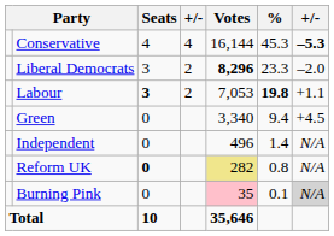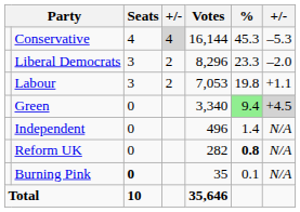 <table class="wikitable sortable">
 <tr>
 <th colspan="2">Party</th>
 <th>Seats</th>
 <th>+/-</th>
 <th>Votes</th>
 <th>%</th>
 <th>+/-</th>
 </tr>
 <tr>
 <td style="background-color: "></td>
 <td><a href='#'>Conservative</a></td>
 <td>4</td>
-<td> 4</td>
+<td style="background: lightgrey;"> 4</td>
 <td style="text-align:right;">16,144</td>
 <td style="text-align:right;">45.3</td>
-<td style="text-align:right;"><strong>–5.3</strong></td>
+<td style="text-align:right;">–5.3</td>
 </tr>
 <tr>
 <td style="background-color: "></td>
 <td><a href='#'>Liberal Democrats</a></td>
 <td>3</td>
 <td> 2</td>
-<td style="text-align:right;"><strong>8,296</strong></td>
+<td style="text-align:right;">8,296</td>
 <td style="text-align:right;">23.3</td>
 <td style="text-align:right;">–2.0</td>
 </tr>
 <tr>
 <td style="background-color: "></td>
 <td><a href='#'>Labour</a></td>
-<td><strong>3</strong></td>
+<td>3</td>
 <td> 2</td>
 <td style="text-align:right;">7,053</td>
-<td style="text-align:right;"><strong>19.8</strong></td>
+<td style="text-align:right;">19.8</td>
 <td style="text-align:right;">+1.1</td>
 </tr>
 <tr>
 <td style="background-color: "></td>
 <td><a href='#'>Green</a></td>
 <td>0</td>
 <td></td>
 <td style="text-align:right;">3,340</td>
-<td style="text-align:right;">9.4</td>
-<td style="text-align:right;">+4.5</td>
+<td style="background: lightgreen; text-align:right;">9.4</td>
+<td style="background: lightgrey; text-align:right;">+4.5</td>
 </tr>
 <tr>
 <td style="background-color: "></td>
 <td><a href='#'>Independent</a></td>
 <td>0</td>
 <td></td>
 <td style="text-align:right;">496</td>
 <td style="text-align:right;">1.4</td>
 <td style="text-align:right;"><em>N/A</em></td>
 </tr>
 <tr>
 <td style="background-color: "></td>
 <td><a href='#'>Reform UK</a></td>
-<td><strong>0</strong></td>
+<td>0</td>
 <td></td>
-<td style="background: khaki; text-align:right;">282</td>
-<td style="text-align:right;">0.8</td>
+<td style="text-align:right;">282</td>
+<td style="text-align:right;"><strong>0.8</strong></td>
 <td style="text-align:right;"><em>N/A</em></td>
 </tr>
 <tr>
 <td style="background-color: "></td>
 <td><a href='#'>Burning Pink</a></td>
-<td>0</td>
+<td><strong>0</strong></td>
 <td></td>
-<td style="background: pink; text-align:right;">35</td>
+<td style="text-align:right;">35</td>
 <td style="text-align:right;">0.1</td>
-<td style="background: lightgrey; text-align:right;"><em>N/A</em></td>
+<td style="text-align:right;"><em>N/A</em></td>
 </tr>
 <tr>
 <td colspan="2"><strong>Total</strong></td>
 <td><strong>10</strong></td>
 <td></td>
 <td style="text-align:right;"><strong>35,646</strong></td>
 <td style="text-align:right;"></td>
 <td style="text-align:right;"></td>
 </tr>
 </table>
